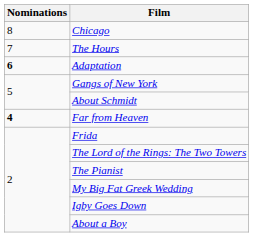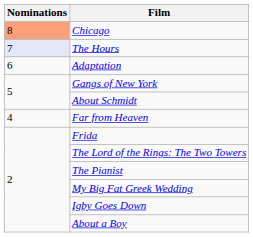 <table class="wikitable">
 <tr>
 <th>Nominations</th>
 <th>Film</th>
 </tr>
 <tr>
-<td>8</td>
+<td style="background: lightsalmon;">8</td>
 <td><em><a href='#'>Chicago</a></em></td>
 </tr>
 <tr>
-<td>7</td>
+<td style="background: lavender;">7</td>
 <td><em><a href='#'>The Hours</a></em></td>
 </tr>
 <tr>
-<td><strong>6</strong></td>
+<td>6</td>
 <td><em><a href='#'>Adaptation</a></em></td>
 </tr>
 <tr>
 <td rowspan="2">5</td>
 <td><em><a href='#'>Gangs of New York</a></em></td>
 </tr>
 <tr>
 <td><em><a href='#'>About Schmidt</a></em></td>
 </tr>
 <tr>
-<td><strong>4</strong></td>
+<td>4</td>
 <td><em><a href='#'>Far from Heaven</a></em></td>
 </tr>
 <tr>
 <td rowspan="6">2</td>
 <td><em><a href='#'>Frida</a></em></td>
 </tr>
 <tr>
 <td><em><a href='#'>The Lord of the Rings: The Two Towers</a></em></td>
 </tr>
 <tr>
 <td><em><a href='#'>The Pianist</a></em></td>
 </tr>
 <tr>
 <td><em><a href='#'>My Big Fat Greek Wedding</a></em></td>
 </tr>
 <tr>
 <td><em><a href='#'>Igby Goes Down</a></em></td>
 </tr>
 <tr>
 <td><em><a href='#'>About a Boy</a></em></td>
 </tr>
 </table>
